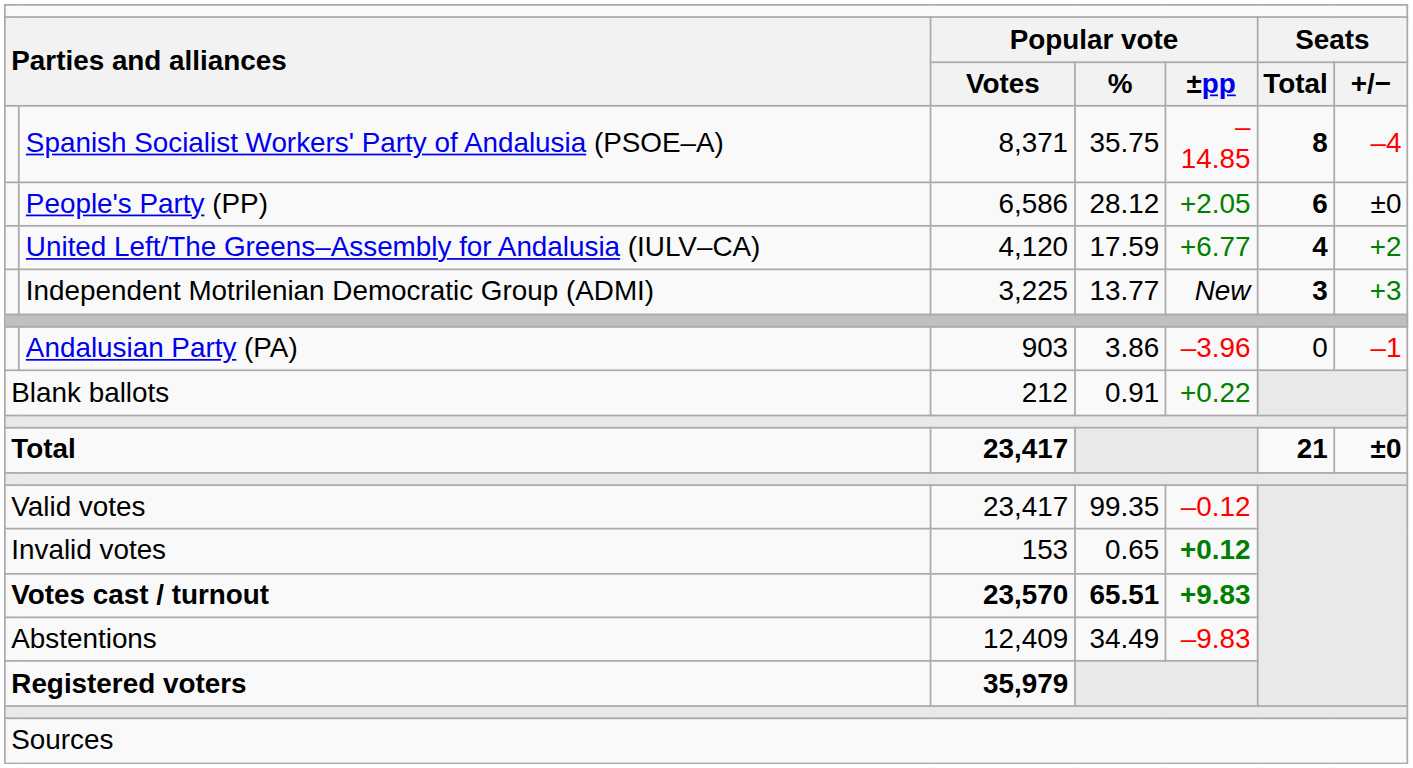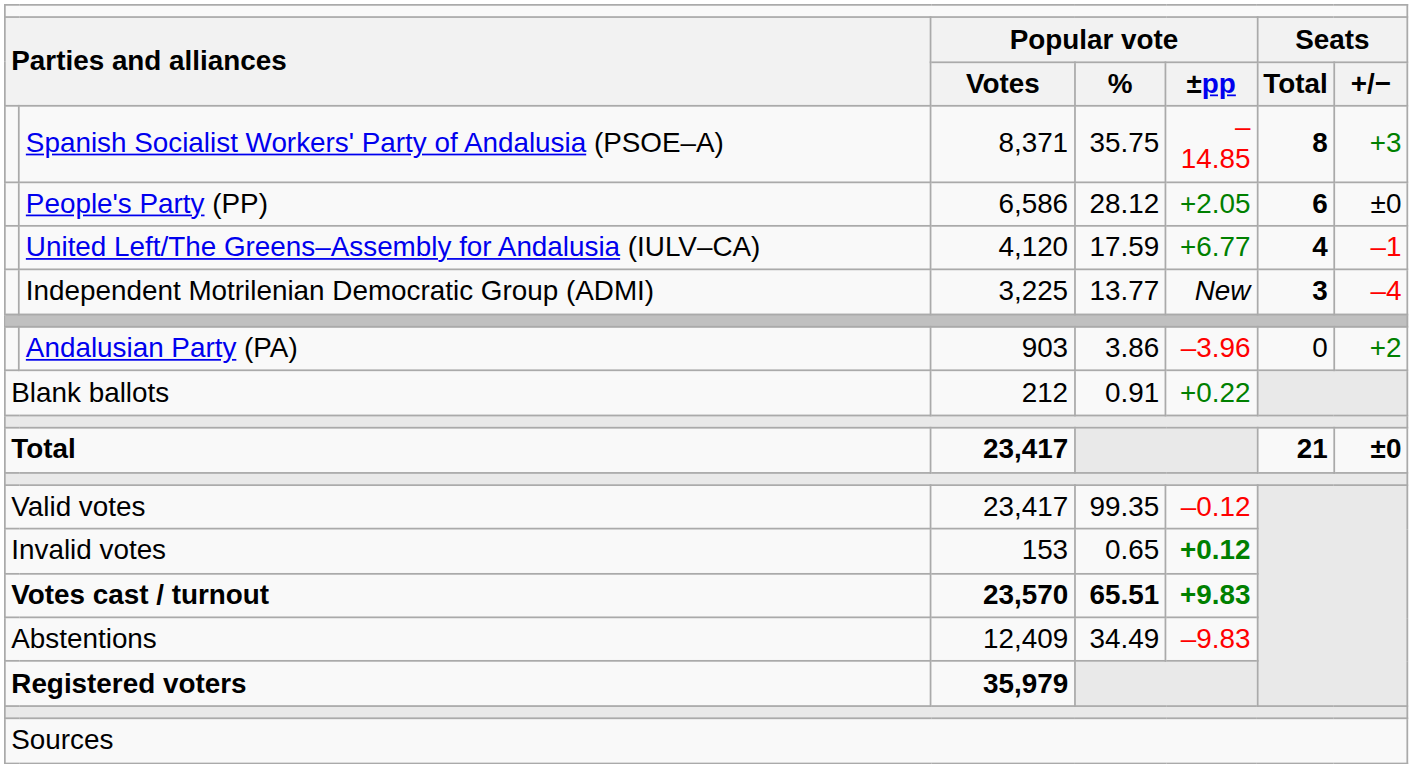 <table class="wikitable" style="text-align:right;">
 <tr>
 <td colspan="7"></td>
 </tr>
 <tr>
 <th style="text-align:left;" rowspan="2" colspan="2" width="525">Parties and alliances</th>
 <th colspan="3">Popular vote</th>
 <th colspan="2">Seats</th>
 </tr>
 <tr>
 <th width="75">Votes</th>
 <th width="45">%</th>
 <th width="45">±<a href='#'>pp</a></th>
 <th width="35">Total</th>
 <th width="35">+/−</th>
 </tr>
 <tr>
 <td width="1" style="color:inherit;background:"></td>
 <td align="left"><a href='#'>Spanish Socialist Workers' Party of Andalusia</a> (PSOE–A)</td>
 <td>8,371</td>
 <td>35.75</td>
 <td style="color:red;">–14.85</td>
 <td><strong>8</strong></td>
-<td style="color:red;">–4</td>
+<td style="color:green;">+3</td>
 </tr>
 <tr>
 <td style="color:inherit;background:"></td>
 <td align="left"><a href='#'>People's Party</a> (PP)</td>
 <td>6,586</td>
 <td>28.12</td>
 <td style="color:green;">+2.05</td>
 <td><strong>6</strong></td>
 <td>±0</td>
 </tr>
 <tr>
 <td style="color:inherit;background:"></td>
 <td align="left"><a href='#'>United Left/The Greens–Assembly for Andalusia</a> (IULV–CA)</td>
 <td>4,120</td>
 <td>17.59</td>
 <td style="color:green;">+6.77</td>
 <td><strong>4</strong></td>
-<td style="color:green;">+2</td>
+<td style="color:red;">–1</td>
 </tr>
 <tr>
 <td style="color:inherit;background:"></td>
 <td align="left">Independent Motrilenian Democratic Group (ADMI)</td>
 <td>3,225</td>
 <td>13.77</td>
 <td><em>New</em></td>
 <td><strong>3</strong></td>
-<td style="color:green;">+3</td>
+<td style="color:red;">–4</td>
 </tr>
 <tr>
 <td colspan="7" bgcolor="#C0C0C0"></td>
 </tr>
 <tr>
 <td style="color:inherit;background:"></td>
 <td align="left"><a href='#'>Andalusian Party</a> (PA)</td>
 <td>903</td>
 <td>3.86</td>
 <td style="color:red;">–3.96</td>
 <td>0</td>
-<td style="color:red;">–1</td>
+<td style="color:green;">+2</td>
 </tr>
 <tr>
 <td align="left" colspan="2">Blank ballots</td>
 <td>212</td>
 <td>0.91</td>
 <td style="color:green;">+0.22</td>
 <td bgcolor="#E9E9E9" colspan="2"></td>
 </tr>
 <tr>
 <td colspan="7" bgcolor="#E9E9E9"></td>
 </tr>
 <tr style="font-weight:bold;">
 <td align="left" colspan="2">Total</td>
 <td>23,417</td>
 <td bgcolor="#E9E9E9" colspan="2"></td>
 <td>21</td>
 <td>±0</td>
 </tr>
 <tr>
 <td colspan="7" bgcolor="#E9E9E9"></td>
 </tr>
 <tr>
 <td align="left" colspan="2">Valid votes</td>
 <td>23,417</td>
 <td>99.35</td>
 <td style="color:red;">–0.12</td>
 <td bgcolor="#E9E9E9" colspan="2" rowspan="5"></td>
 </tr>
 <tr>
 <td align="left" colspan="2">Invalid votes</td>
 <td>153</td>
 <td>0.65</td>
 <td style="color:green;"><strong>+0.12</strong></td>
 </tr>
 <tr style="font-weight:bold;">
 <td align="left" colspan="2">Votes cast / turnout</td>
 <td>23,570</td>
 <td>65.51</td>
 <td style="color:green;">+9.83</td>
 </tr>
 <tr>
 <td align="left" colspan="2">Abstentions</td>
 <td>12,409</td>
 <td>34.49</td>
 <td style="color:red;">–9.83</td>
 </tr>
 <tr style="font-weight:bold;">
 <td align="left" colspan="2">Registered voters</td>
 <td>35,979</td>
 <td bgcolor="#E9E9E9" colspan="2"></td>
 </tr>
 <tr>
 <td colspan="7" bgcolor="#E9E9E9"></td>
 </tr>
 <tr>
 <td align="left" colspan="7">Sources</td>
 </tr>
 </table>
